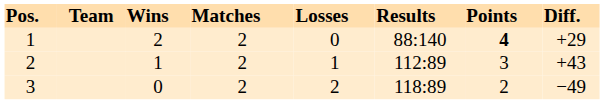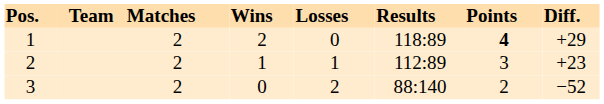 <table style="text-align:left" border="0" cellspacing="0" align="right" width="500px">
 <tr bgcolor="#FFDEAD">
 <th>Pos.</th>
 <th align="center">Team</th>
+<th>Matches</th>
 <th>Wins</th>
-<th>Matches</th>
 <th>Losses</th>
 <th>Results</th>
 <th>Points</th>
 <th>Diff.</th>
 </tr>
 <tr bgcolor="#FFECCE" align="center">
 <td>1</td>
 <td align="left"></td>
 <td>2</td>
 <td>2</td>
 <td>0</td>
-<td>88:140</td>
+<td>118:89</td>
 <td><strong>4</strong></td>
 <td>+29</td>
 </tr>
 <tr bgcolor="#FFECCE" align="center">
 <td>2</td>
 <td align="left"></td>
+<td>2</td>
 <td>1</td>
-<td>2</td>
 <td>1</td>
 <td>112:89</td>
 <td>3</td>
-<td>+43</td>
+<td>+23</td>
 </tr>
 <tr bgcolor="#FFECCE" align="center">
 <td>3</td>
 <td align="left"></td>
+<td>2</td>
 <td>0</td>
 <td>2</td>
+<td>88:140</td>
 <td>2</td>
-<td>118:89</td>
-<td>2</td>
-<td>−49</td>
+<td>−52</td>
 </tr>
 </table>
